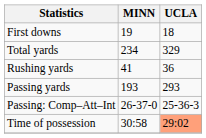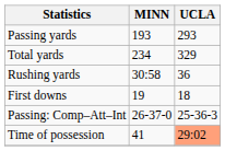 <table class="wikitable" style="float: left;">
 <tr>
 <th>Statistics</th>
 <th>MINN</th>
 <th>UCLA</th>
 </tr>
 <tr>
-<td>First downs</td>
-<td>19</td>
-<td>18</td>
+<td>Passing yards</td>
+<td>193</td>
+<td>293</td>
 </tr>
 <tr>
 <td>Total yards</td>
 <td>234</td>
 <td>329</td>
 </tr>
 <tr>
 <td>Rushing yards</td>
-<td>41</td>
+<td>30:58</td>
 <td>36</td>
 </tr>
 <tr>
-<td>Passing yards</td>
-<td>193</td>
-<td>293</td>
+<td>First downs</td>
+<td>19</td>
+<td>18</td>
 </tr>
 <tr>
 <td>Passing: Comp–Att–Int</td>
 <td>26-37-0</td>
 <td>25-36-3</td>
 </tr>
 <tr>
 <td>Time of possession</td>
-<td>30:58</td>
+<td>41</td>
 <td style="background: lightsalmon;">29:02</td>
 </tr>
 <tr>
 </tr>
 </table>
